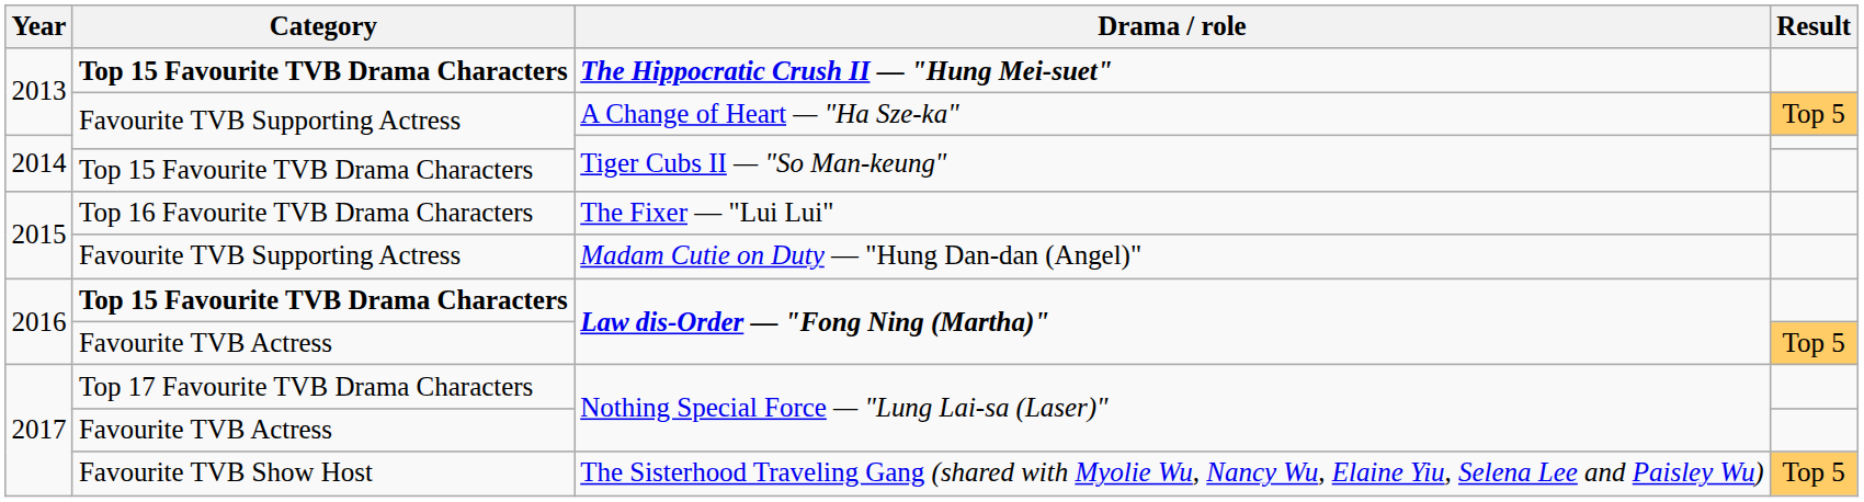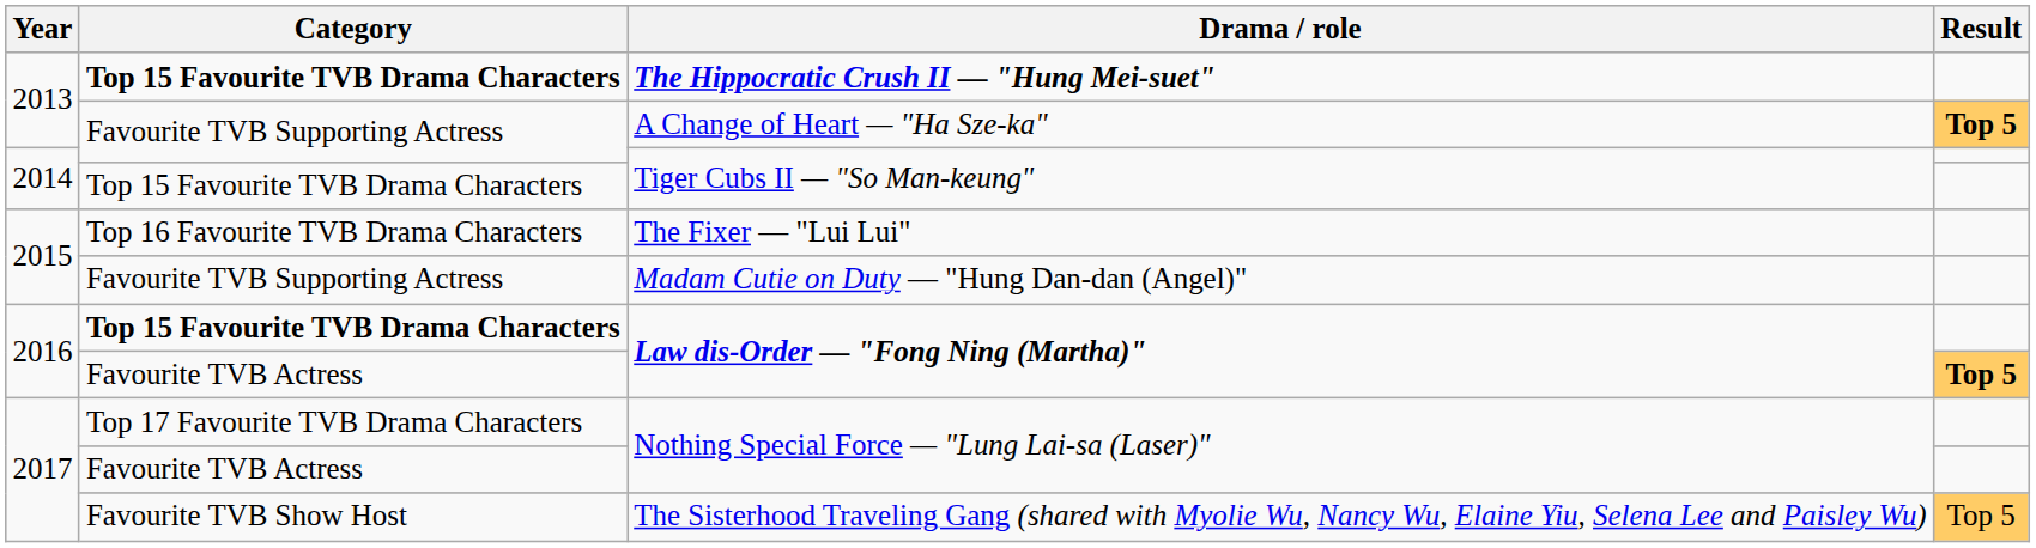 <table class="wikitable sortable">
 <tr>
 <th>Year</th>
 <th>Category</th>
 <th>Drama / role</th>
 <th>Result</th>
 </tr>
 <tr>
 <td rowspan=2>2013</td>
 <td><strong> Top 15 Favourite TVB Drama Characters </strong></td>
 <td><strong><em><a href='#'>The Hippocratic Crush II</a><em> — "Hung Mei-suet"<strong></td>
 <td></td>
 </tr>
 <tr>
 <td rowspan=2>Favourite TVB Supporting Actress</td>
 <td></em><a href='#'>A Change of Heart</a><em> — "Ha Sze-ka"</td>
-<td style="background-color:#ffcc66; text-align:center;">Top 5</td>
+<td style="background-color:#ffcc66; text-align:center;"><strong>Top 5</strong></td>
 </tr>
 <tr>
 <td rowspan=2>2014</td>
 <td rowspan=2></em><a href='#'>Tiger Cubs II</a><em> — "So Man-keung"</td>
 <td></td>
 </tr>
 <tr>
 <td>Top 15 Favourite TVB Drama Characters</td>
 <td></td>
 </tr>
 <tr>
 <td rowspan=2>2015</td>
 <td></strong> Top 16 Favourite TVB Drama Characters <strong></td>
 <td></em></strong><a href='#'>The Fixer</a></em> — "Lui Lui"</strong></td>
 <td></td>
 </tr>
 <tr>
 <td>Favourite TVB Supporting Actress</td>
 <td><em><a href='#'>Madam Cutie on Duty</a></em> — "Hung Dan-dan (Angel)"</td>
 <td></td>
 </tr>
 <tr>
 <td rowspan=2>2016</td>
 <td><strong> Top 15 Favourite TVB Drama Characters </strong></td>
 <td rowspan=2><strong><em><a href='#'>Law dis-Order</a><em> — "Fong Ning (Martha)"<strong></td>
 <td></td>
 </tr>
 <tr>
 <td>Favourite TVB Actress</td>
-<td style="background-color:#ffcc66; text-align:center;">Top 5</td>
+<td style="background-color:#ffcc66; text-align:center;"><strong>Top 5</strong></td>
 </tr>
 <tr>
 <td rowspan=3>2017</td>
 <td>Top 17 Favourite TVB Drama Characters</td>
 <td rowspan=2></em><a href='#'>Nothing Special Force</a><em> — "Lung Lai-sa (Laser)"</td>
 <td></td>
 </tr>
 <tr>
 <td>Favourite TVB Actress</td>
 <td></td>
 </tr>
 <tr>
 <td>Favourite TVB Show Host</td>
 <td></em><a href='#'>The Sisterhood Traveling Gang</a><em> (shared with <a href='#'>Myolie Wu</a>, <a href='#'>Nancy Wu</a>, <a href='#'>Elaine Yiu</a>, <a href='#'>Selena Lee</a> and <a href='#'>Paisley Wu</a>)</td>
 <td style="background-color:#ffcc66; text-align:center;">Top 5</td>
 </tr>
 </table>
